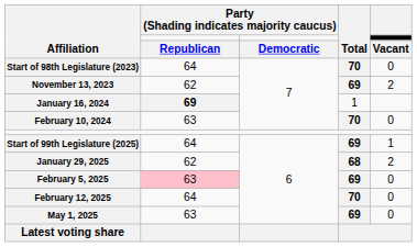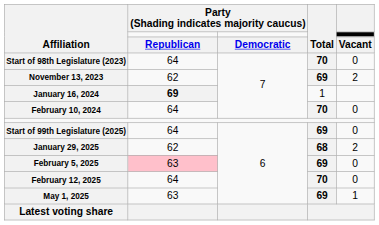 <table class=wikitable style="text-align:center">
 <tr style="vertical-align:bottom;">
 <th rowspan=3>Affiliation</th>
 <th colspan=2>Party <div>(Shading indicates majority caucus)</div></th>
 <th rowspan=3>Total</th>
 <th></th>
 </tr>
 <tr style="height:5px">
 <td style="background-color:"></td>
 <td style="background-color:"></td>
 <td style="background: black"></td>
 </tr>
 <tr>
 <th><a href='#'>Republican</a></th>
 <th><a href='#'>Democratic</a></th>
 <th>Vacant</th>
 </tr>
 <tr>
 <th nowrap style="font-size:80%">Start of 98th Legislature (2023)</th>
 <td>64</td>
 <td rowspan=4>7</td>
 <th>70</th>
 <td>0</td>
 </tr>
 <tr>
 <th nowrap style="font-size:80%">November 13, 2023</th>
 <td>62</td>
 <th>69</th>
 <td>2</td>
 </tr>
 <tr>
 <th nowrap style="font-size:80%">January 16, 2024</th>
 <th>69</th>
 <td>1</td>
 </tr>
 <tr>
 <th nowrap style="font-size:80%">February 10, 2024</th>
-<td>63</td>
+<td>64</td>
 <th>70</th>
 <td>0</td>
 </tr>
 <tr>
 <td colspan=5></td>
 </tr>
 <tr>
 <th nowrap style="font-size:80%">Start of 99th Legislature (2025)</th>
 <td>64</td>
 <td rowspan=5>6</td>
 <th>69</th>
-<td>1</td>
+<td>0</td>
 </tr>
 <tr>
 <th nowrap style="font-size:80%">January 29, 2025</th>
 <td>62</td>
 <th>68</th>
 <td>2</td>
 </tr>
 <tr>
 <th nowrap style="font-size:80%">February 5, 2025</th>
 <td style="background: pink;">63</td>
 <th>69</th>
 <td>0</td>
 </tr>
 <tr>
 <th nowrap style="font-size:80%">February 12, 2025</th>
 <td>64</td>
 <th>70</th>
 <td>0</td>
 </tr>
 <tr>
 <th nowrap style="font-size:80%">May 1, 2025</th>
 <td>63</td>
 <th>69</th>
-<td>0</td>
+<td>1</td>
 </tr>
 <tr>
 <th>Latest voting share</th>
 <th></th>
 <th></th>
 <th colspan=2></th>
 </tr>
 </table>
